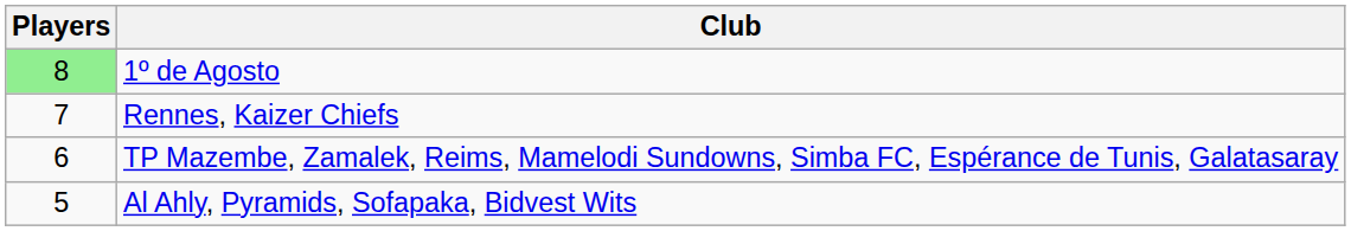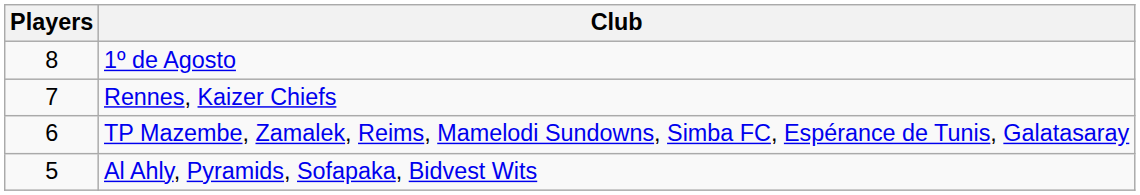 <table class="wikitable sortable">
 <tr>
 <th>Players</th>
 <th>Club</th>
 </tr>
 <tr>
-<td align="center" style="background: lightgreen;">8</td>
+<td align="center">8</td>
 <td> <a href='#'>1º de Agosto</a></td>
 </tr>
 <tr>
 <td align="center">7</td>
 <td> <a href='#'>Rennes</a>,  <a href='#'>Kaizer Chiefs</a></td>
 </tr>
 <tr>
 <td align="center">6</td>
 <td> <a href='#'>TP Mazembe</a>,  <a href='#'>Zamalek</a>,  <a href='#'>Reims</a>,  <a href='#'>Mamelodi Sundowns</a>,  <a href='#'>Simba FC</a>,  <a href='#'>Espérance de Tunis</a>,  <a href='#'>Galatasaray</a></td>
 </tr>
 <tr>
 <td align="center">5</td>
 <td> <a href='#'>Al Ahly</a>,  <a href='#'>Pyramids</a>,  <a href='#'>Sofapaka</a>,  <a href='#'>Bidvest Wits</a></td>
 </tr>
 </table>
